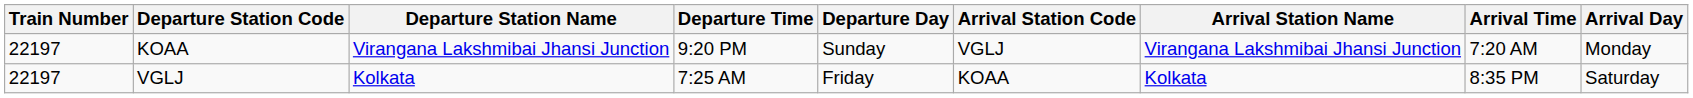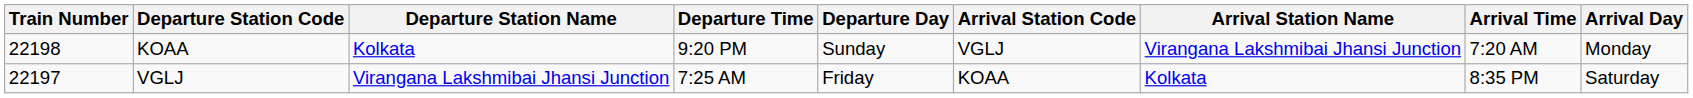 <table class="wikitable">
 <tr>
 <th>Train Number</th>
 <th>Departure Station Code</th>
 <th>Departure Station Name</th>
 <th>Departure Time</th>
 <th>Departure Day</th>
 <th>Arrival Station Code</th>
 <th>Arrival Station Name</th>
 <th>Arrival Time</th>
 <th>Arrival Day</th>
 </tr>
 <tr>
-<td>22197</td>
+<td>22198</td>
 <td>KOAA</td>
-<td><a href='#'>Virangana Lakshmibai Jhansi Junction</a></td>
+<td><a href='#'>Kolkata</a></td>
 <td>9:20 PM</td>
 <td>Sunday</td>
 <td>VGLJ</td>
 <td><a href='#'>Virangana Lakshmibai Jhansi Junction</a></td>
 <td>7:20 AM</td>
 <td>Monday</td>
 </tr>
 <tr>
 <td>22197</td>
 <td>VGLJ</td>
-<td><a href='#'>Kolkata</a></td>
+<td><a href='#'>Virangana Lakshmibai Jhansi Junction</a></td>
 <td>7:25 AM</td>
 <td>Friday</td>
 <td>KOAA</td>
 <td><a href='#'>Kolkata</a></td>
 <td>8:35 PM</td>
 <td>Saturday</td>
 </tr>
 </table>
